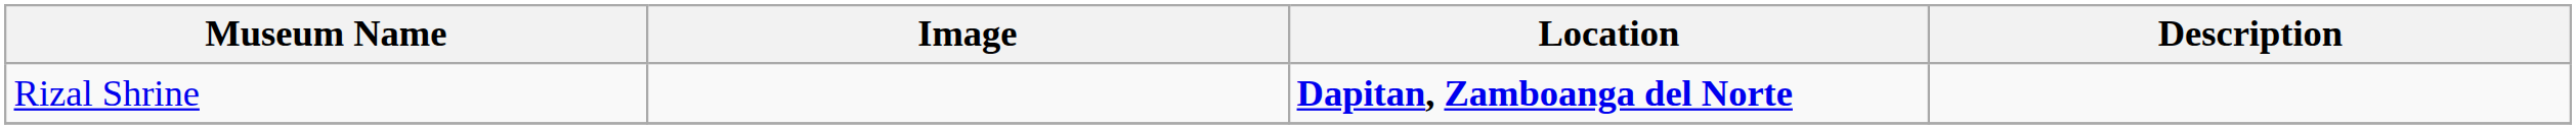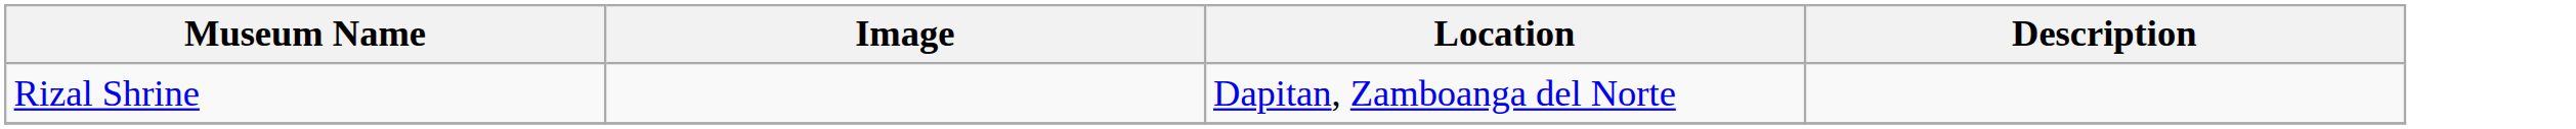 <table class="wikitable sortable">
 <tr>
 <th style="width:20%;">Museum Name</th>
 <th style="width:20%;">Image</th>
 <th style="width:20%;">Location</th>
 <th style="width:20%;">Description</th>
 </tr>
 <tr>
 <td><a href='#'>Rizal Shrine</a></td>
 <td></td>
-<td><strong><a href='#'>Dapitan</a>, <a href='#'>Zamboanga del Norte</a></strong></td>
+<td><a href='#'>Dapitan</a>, <a href='#'>Zamboanga del Norte</a></td>
 <td></td>
 </tr>
 <tr>
 </tr>
 </table>
